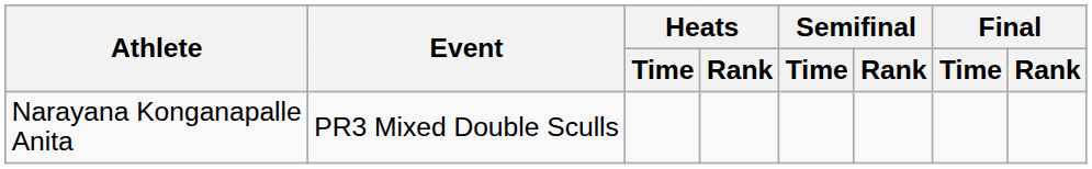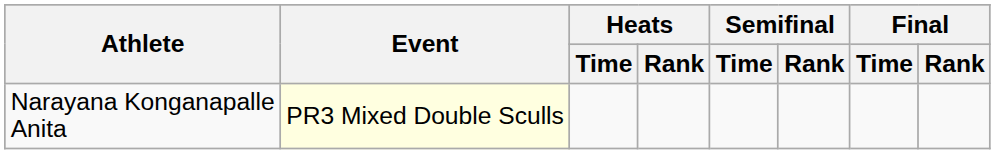 <table class="wikitable" style="text-align:center; font-size:90%">
 <tr>
 <th rowspan="2">Athlete</th>
 <th rowspan="2">Event</th>
 <th colspan="2">Heats</th>
 <th colspan="2">Semifinal</th>
 <th colspan="2">Final</th>
 </tr>
 <tr>
 <th>Time</th>
 <th>Rank</th>
 <th>Time</th>
 <th>Rank</th>
 <th>Time</th>
 <th>Rank</th>
 </tr>
 <tr>
 <td align=left>Narayana Konganapalle<br>Anita</td>
-<td>PR3 Mixed Double Sculls</td>
+<td style="background: lightyellow;">PR3 Mixed Double Sculls</td>
 <td></td>
 <td></td>
 <td></td>
 <td></td>
 <td></td>
 <td></td>
 </tr>
 </table>
